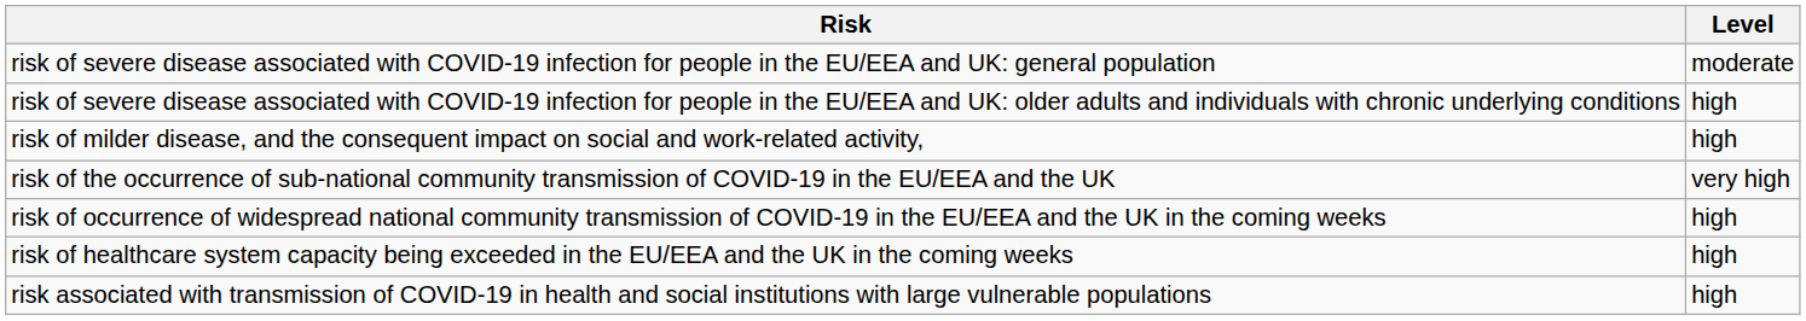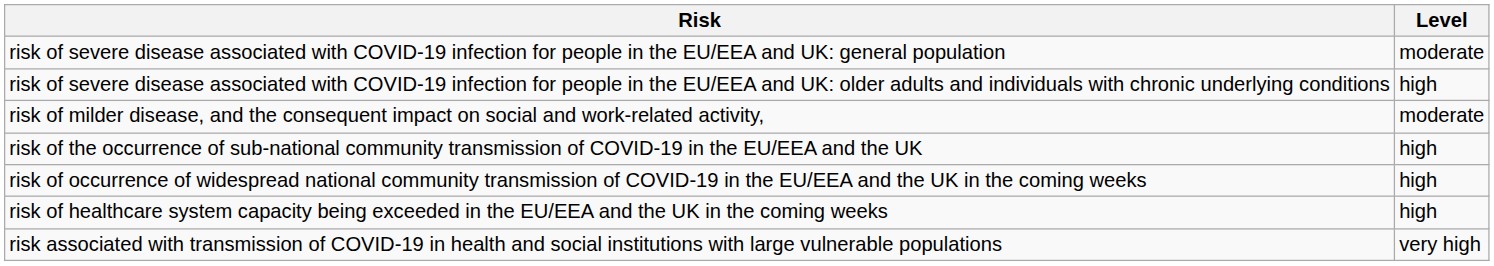 <table class="wikitable sortable">
 <tr>
 <th>Risk</th>
 <th>Level</th>
 </tr>
 <tr>
 <td>risk of severe disease associated with COVID-19 infection for people in the EU/EEA and UK: general population</td>
 <td>moderate</td>
 </tr>
 <tr>
 <td>risk of severe disease associated with COVID-19 infection for people in the EU/EEA and UK: older adults and individuals with chronic underlying conditions</td>
 <td>high</td>
 </tr>
 <tr>
 <td>risk of milder disease, and the consequent impact on social and work-related activity,</td>
-<td>high</td>
+<td>moderate</td>
 </tr>
 <tr>
 <td>risk of the occurrence of sub-national community transmission of COVID-19 in the EU/EEA and the UK</td>
-<td>very high</td>
+<td>high</td>
 </tr>
 <tr>
 <td>risk of occurrence of widespread national community transmission of COVID-19 in the EU/EEA and the UK in the coming weeks</td>
 <td>high</td>
 </tr>
 <tr>
 <td>risk of healthcare system capacity being exceeded in the EU/EEA and the UK in the coming weeks</td>
 <td>high</td>
 </tr>
 <tr>
 <td>risk associated with transmission of COVID-19 in health and social institutions with large vulnerable populations</td>
-<td>high</td>
+<td>very high</td>
 </tr>
 </table>
